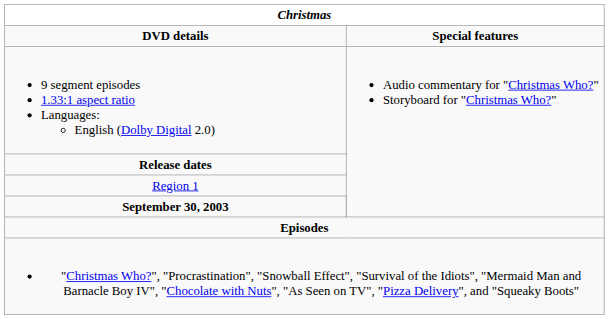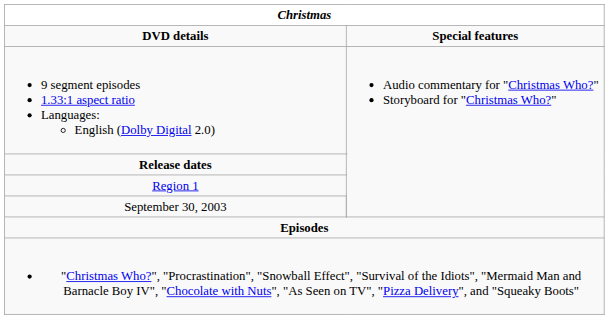 <table class="wikitable" style="font-size: 95%;">
 <tr style="background:#FFF; color:#000;">
 <td colspan="4" align="center"><strong><em>Christmas</em></strong></td>
 </tr>
 <tr valign="top">
 <td style="text-align:center; width:400px;" colspan="3"><strong>DVD details</strong></td>
 <td style="width:300px; text-align:center;"><strong>Special features</strong></td>
 </tr>
 <tr valign="top">
 <td colspan="3" style="text-align:left; width:400px;"><br><ul><li>9 segment episodes</li><li><a href='#'>1.33:1 aspect ratio</a></li><li>Languages:<ul><li>English (<a href='#'>Dolby Digital</a> 2.0)</li></ul></li></ul></td>
 <td rowspan="4" style="text-align:left; width:300px;"><br><ul><li>Audio commentary for "<a href='#'>Christmas Who?</a>"</li><li>Storyboard for "<a href='#'>Christmas Who?</a>"</li></ul></td>
 </tr>
 <tr>
 <td colspan="3" style="text-align:center;"><strong>Release dates</strong></td>
 </tr>
 <tr>
 <td colspan="3" style="text-align:center;"><a href='#'>Region 1</a></td>
 </tr>
 <tr style="text-align:center;">
-<td><strong>September 30, 2003</strong></td>
+<td>September 30, 2003</td>
 </tr>
 <tr>
 <td style="text-align:center; width:400px;" colspan="4"><strong>Episodes</strong></td>
 </tr>
 <tr>
 <td style="text-align:center; width:400px;" colspan="4"><br><ul><li>"<a href='#'>Christmas Who?</a>", "Procrastination", "Snowball Effect", "Survival of the Idiots", "Mermaid Man and Barnacle Boy IV", "<a href='#'>Chocolate with Nuts</a>", "As Seen on TV", "<a href='#'>Pizza Delivery</a>", and "Squeaky Boots"</li></ul></td>
 </tr>
 </table>
